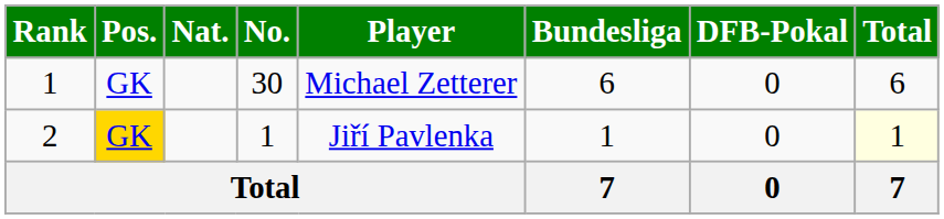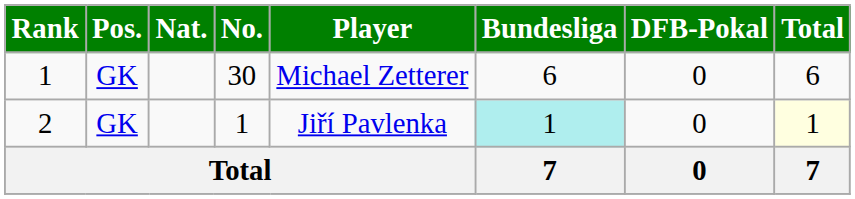 <table class="wikitable" style="font-size: 95%; text-align: center">
 <tr>
 <th style="background:#008000; color:white; text-align:center;"!width=80>Rank</th>
 <th style="background:#008000; color:white; text-align:center;"!width=80>Pos.</th>
 <th style="background:#008000; color:white; text-align:center;"!width=80>Nat.</th>
 <th style="background:#008000; color:white; text-align:center;"!width=80>No.</th>
 <th style="background:#008000; color:white; text-align:center;"!width=150>Player</th>
 <th style="background:#008000; color:white; text-align:center;"!width=150>Bundesliga</th>
 <th style="background:#008000; color:white; text-align:center;"!width=150>DFB-Pokal</th>
 <th style="background:#008000; color:white; text-align:center;"!width=80>Total</th>
 </tr>
 <tr>
 <td rowspan=1>1</td>
 <td><a href='#'>GK</a></td>
 <td></td>
 <td>30</td>
 <td><a href='#'>Michael Zetterer</a></td>
 <td>6</td>
 <td>0</td>
 <td>6</td>
 </tr>
 <tr>
 <td rowspan=1>2</td>
-<td style="background: gold;"><a href='#'>GK</a></td>
+<td><a href='#'>GK</a></td>
 <td></td>
 <td>1</td>
 <td><a href='#'>Jiří Pavlenka</a></td>
-<td>1</td>
+<td style="background: paleturquoise;">1</td>
 <td>0</td>
 <td style="background: lightyellow;">1</td>
 </tr>
 <tr>
 <th colspan=5>Total</th>
 <th>7</th>
 <th>0</th>
 <th>7</th>
 </tr>
 </table>
